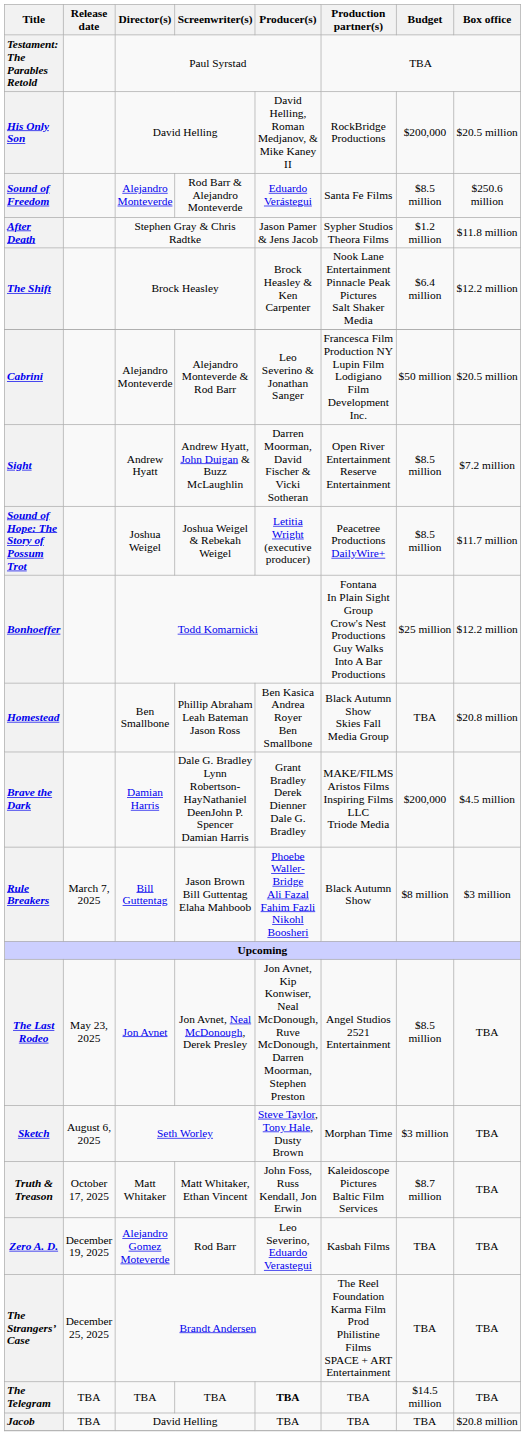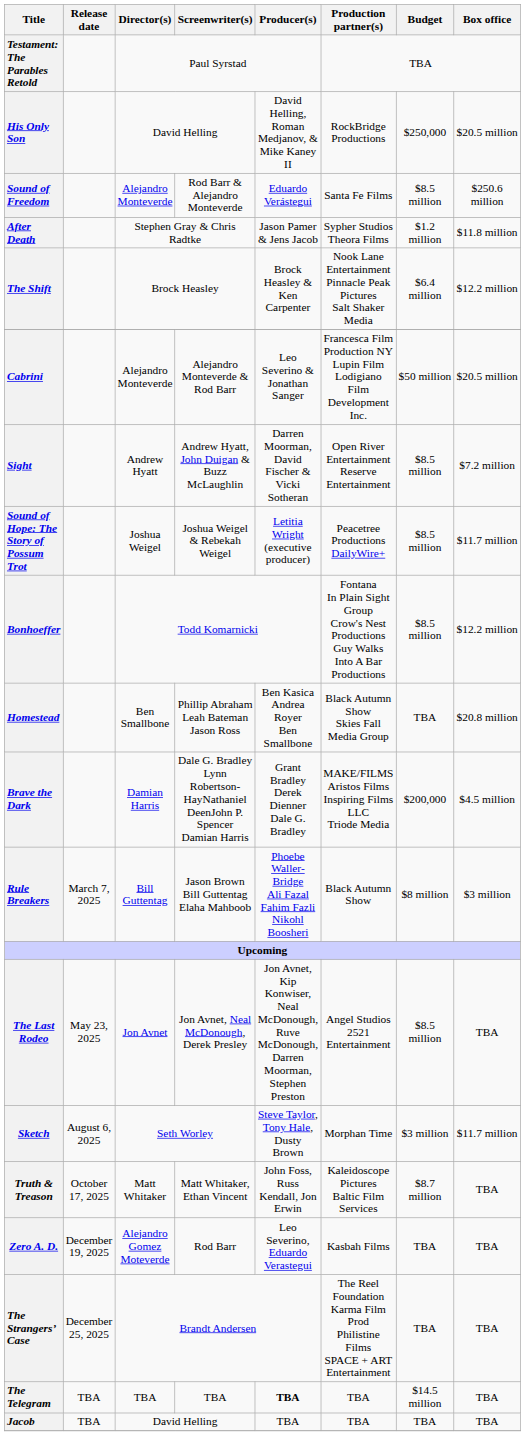 <table class="wikitable plainrowheaders" style="text-align: center;">
 <tr>
 <th scope="col">Title</th>
 <th scope="col">Release date</th>
 <th scope="col">Director(s)</th>
 <th scope="col">Screenwriter(s)</th>
 <th scope="col">Producer(s)</th>
 <th scope="col">Production partner(s)</th>
 <th scope="col">Budget</th>
 <th scope="col">Box office</th>
 </tr>
 <tr>
 <th scope="row" style="text-align: left;"><em>Testament: The Parables Retold</em></th>
 <td style="text-align: left;"></td>
 <td colspan="3">Paul Syrstad</td>
 <td colspan="3">TBA</td>
 </tr>
 <tr>
 <th scope="row" style="text-align: left;"><em><a href='#'>His Only Son</a></em></th>
 <td style="text-align: left;"></td>
 <td colspan="2">David Helling</td>
 <td>David Helling, Roman Medjanov, & Mike Kaney II</td>
 <td>RockBridge Productions</td>
-<td>$200,000</td>
+<td>$250,000</td>
 <td>$20.5 million</td>
 </tr>
 <tr>
 <th scope="row" style="text-align: left;"><em><a href='#'>Sound of Freedom</a></em></th>
 <td style="text-align: left;"></td>
 <td><a href='#'>Alejandro Monteverde</a></td>
 <td>Rod Barr & Alejandro Monteverde</td>
 <td><a href='#'>Eduardo Verástegui</a></td>
 <td>Santa Fe Films</td>
 <td>$8.5 million</td>
 <td>$250.6 million</td>
 </tr>
 <tr>
 <th scope="row" style="text-align: left;"><em><a href='#'>After Death</a></em></th>
 <td style="text-align: left;"></td>
 <td colspan="2">Stephen Gray & Chris Radtke</td>
 <td>Jason Pamer & Jens Jacob</td>
 <td>Sypher Studios<br>Theora Films</td>
 <td>$1.2 million</td>
 <td>$11.8 million</td>
 </tr>
 <tr>
 <th scope="row" style="text-align: left;"><em><a href='#'>The Shift</a></em></th>
 <td style="text-align: left;"></td>
 <td colspan="2">Brock Heasley</td>
 <td>Brock Heasley & Ken Carpenter</td>
 <td>Nook Lane Entertainment<br>Pinnacle Peak Pictures<br>Salt Shaker Media</td>
 <td>$6.4 million</td>
 <td>$12.2 million</td>
 </tr>
 <tr>
 </tr>
 <tr>
 <th scope="row" style="text-align: left;"><em><a href='#'>Cabrini</a></em></th>
 <td style="text-align: left;"></td>
 <td>Alejandro Monteverde</td>
 <td>Alejandro Monteverde & Rod Barr</td>
 <td>Leo Severino & Jonathan Sanger</td>
 <td>Francesca Film Production NY<br>Lupin Film<br>Lodigiano Film Development Inc.</td>
 <td>$50 million</td>
 <td>$20.5 million</td>
 </tr>
 <tr>
 <th scope="row" style="text-align: left;"><em><a href='#'>Sight</a></em></th>
 <td style="text-align: left;"></td>
 <td>Andrew Hyatt</td>
 <td>Andrew Hyatt, <a href='#'>John Duigan</a> & Buzz McLaughlin</td>
 <td>Darren Moorman, David Fischer & Vicki Sotheran</td>
 <td>Open River Entertainment<br>Reserve Entertainment</td>
 <td>$8.5 million </td>
 <td>$7.2 million</td>
 </tr>
 <tr>
 <th scope="row" style="text-align: left;"><em><a href='#'>Sound of Hope: The Story of Possum Trot</a></em></th>
 <td style="text-align: left;"></td>
 <td>Joshua Weigel</td>
 <td>Joshua Weigel & Rebekah Weigel</td>
 <td><a href='#'>Letitia Wright</a> (executive producer)</td>
 <td>Peacetree Productions<br><a href='#'>DailyWire+</a></td>
 <td>$8.5 million</td>
 <td>$11.7 million</td>
 </tr>
 <tr>
 <th scope="row" style="text-align: left;"><em><a href='#'>Bonhoeffer</a></em></th>
 <td style="text-align: left;"></td>
 <td colspan="3"><a href='#'>Todd Komarnicki</a></td>
 <td>Fontana<br>In Plain Sight Group<br>Crow's Nest Productions<br>Guy Walks Into A Bar Productions</td>
-<td>$25 million </td>
+<td>$8.5 million</td>
 <td>$12.2 million</td>
 </tr>
 <tr>
 <th scope="row" style="text-align: left;"><em><a href='#'>Homestead</a></em></th>
 <td style="text-align: left;"></td>
 <td>Ben Smallbone</td>
 <td>Phillip Abraham<br>Leah Bateman<br>Jason Ross</td>
 <td>Ben Kasica<br>Andrea Royer<br>Ben Smallbone</td>
 <td>Black Autumn Show<br>Skies Fall Media Group</td>
 <td>TBA</td>
 <td>$20.8 million</td>
 </tr>
 <tr>
 <th scope="row" style="text-align: left;"><em><a href='#'>Brave the Dark</a></em></th>
 <td style="text-align: left;"></td>
 <td><a href='#'>Damian Harris</a></td>
 <td>Dale G. Bradley<br>Lynn Robertson-HayNathaniel<br>DeenJohn P.<br>Spencer<br>Damian Harris</td>
 <td>Grant Bradley<br>Derek Dienner<br>Dale G. Bradley</td>
 <td>MAKE/FILMS<br>Aristos Films<br>Inspiring Films LLC<br>Triode Media</td>
 <td>$200,000</td>
 <td>$4.5 million</td>
 </tr>
 <tr>
 <th scope="row" style="text-align: left;"><em><a href='#'>Rule Breakers</a></em></th>
 <td>March 7, 2025</td>
 <td><a href='#'>Bill Guttentag</a></td>
 <td>Jason Brown<br>Bill Guttentag<br>Elaha Mahboob</td>
 <td><a href='#'>Phoebe Waller-Bridge</a><br><a href='#'>Ali Fazal</a><br><a href='#'>Fahim Fazli</a><br><a href='#'>Nikohl Boosheri</a></td>
 <td>Black Autumn Show</td>
 <td>$8 million</td>
 <td>$3 million</td>
 </tr>
 <tr>
 <th colspan="8" style="background:#cccfff;">Upcoming</th>
 </tr>
 <tr>
 <th scope="row" style="text-a;ign: left;"><em><a href='#'>The Last Rodeo</a></em></th>
 <td>May 23, 2025</td>
 <td><a href='#'>Jon Avnet</a></td>
 <td>Jon Avnet, <a href='#'>Neal McDonough</a>, Derek Presley</td>
 <td>Jon Avnet, Kip Konwiser, Neal McDonough, Ruve McDonough, Darren Moorman, Stephen Preston</td>
 <td>Angel Studios<br>2521 Entertainment</td>
 <td>$8.5 million</td>
 <td>TBA</td>
 </tr>
 <tr>
 <th scope="row" style="text-a;ign: left;"><a href='#'><em>Sketch</em></a></th>
 <td>August 6, 2025</td>
 <td colspan="2"><a href='#'>Seth Worley</a></td>
 <td><a href='#'>Steve Taylor</a>, <a href='#'>Tony Hale</a>, Dusty Brown</td>
 <td>Morphan Time</td>
 <td>$3 million</td>
-<td>TBA</td>
+<td>$11.7 million</td>
 </tr>
 <tr>
 <th scope="row" style="text-a;ign: left;"><em>Truth & Treason</em></th>
 <td>October 17, 2025</td>
 <td>Matt Whitaker</td>
 <td>Matt Whitaker, Ethan Vincent</td>
 <td>John Foss, Russ Kendall, Jon Erwin</td>
 <td>Kaleidoscope Pictures<br>Baltic Film Services</td>
 <td>$8.7 million</td>
 <td>TBA</td>
 </tr>
 <tr>
 <th scope="row" style="text-a;ign: left;"><em><a href='#'>Zero A. D.</a></em></th>
 <td>December 19, 2025</td>
 <td><a href='#'>Alejandro Gomez Moteverde</a></td>
 <td>Rod Barr</td>
 <td>Leo Severino, <a href='#'>Eduardo Verastegui</a></td>
 <td>Kasbah Films</td>
 <td>TBA</td>
 <td>TBA</td>
 </tr>
 <tr>
 <th scope="row" style="text-align: left;"><em>The Strangers’ Case</em></th>
 <td>December 25, 2025</td>
 <td colspan="3"><a href='#'>Brandt Andersen</a></td>
 <td>The Reel Foundation<br>Karma Film Prod<br>Philistine Films<br>SPACE + ART Entertainment</td>
 <td>TBA</td>
 <td>TBA</td>
 </tr>
 <tr>
 <th scope="row" style="text-align: left;"><em>The Telegram</em></th>
 <td>TBA</td>
 <td>TBA</td>
 <td>TBA</td>
 <td><strong>TBA</strong></td>
 <td>TBA</td>
 <td>$14.5 million</td>
 <td>TBA</td>
 </tr>
 <tr>
 <th scope="row" style="text-align: left;"><em>Jacob</em></th>
 <td>TBA</td>
 <td colspan="2">David Helling</td>
 <td>TBA</td>
 <td>TBA</td>
 <td>TBA</td>
-<td>$20.8 million</td>
+<td>TBA</td>
 </tr>
 <tr>
 </tr>
 </table>
